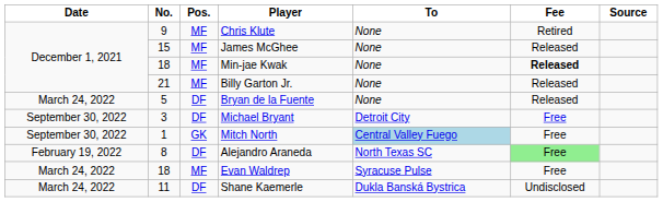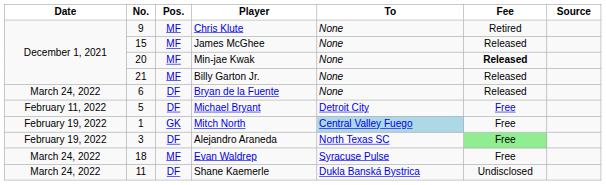 <table class="wikitable plainrowheaders sortable" sortable" style="text-align:center;width:75%;">
 <tr>
 <th scope="col" style="background:#FFFFFF; color:#000000; ">Date</th>
 <th scope="col" style="background:#FFFFFF; color:#000000; ">No.</th>
 <th scope="col" style="background:#FFFFFF; color:#000000; ">Pos.</th>
 <th scope="col" style="background:#FFFFFF; color:#000000; ">Player</th>
 <th scope="col" style="background:#FFFFFF; color:#000000; ">To</th>
 <th scope="col" style="background:#FFFFFF; color:#000000; ">Fee</th>
 <th scope="col" class="unsortable" style="background:#FFFFFF; color:#000000; ">Source</th>
 </tr>
 <tr>
 <td rowspan="4">December 1, 2021</td>
 <td>9</td>
 <td><a href='#'>MF</a></td>
 <td align="left"> <a href='#'>Chris Klute</a></td>
 <td align="left"><em>None</em></td>
 <td>Retired</td>
 <td></td>
 </tr>
 <tr>
 <td>15</td>
 <td><a href='#'>MF</a></td>
 <td align="left"> James McGhee</td>
 <td align="left"><em>None</em></td>
 <td>Released</td>
 <td></td>
 </tr>
 <tr>
-<td>18</td>
+<td>20</td>
 <td><a href='#'>MF</a></td>
 <td align="left"> Min-jae Kwak</td>
 <td align="left"><em>None</em></td>
 <td><strong>Released</strong></td>
 <td></td>
 </tr>
 <tr>
 <td>21</td>
 <td><a href='#'>MF</a></td>
 <td align="left"> Billy Garton Jr.</td>
 <td align="left"><em>None</em></td>
 <td>Released</td>
 <td></td>
 </tr>
 <tr>
 <td>March 24, 2022</td>
-<td>5</td>
+<td>6</td>
 <td><a href='#'>DF</a></td>
 <td align="left"> <a href='#'>Bryan de la Fuente</a></td>
 <td align="left"><em>None</em></td>
 <td>Released</td>
 <td></td>
 </tr>
 <tr>
-<td>September 30, 2022</td>
-<td>3</td>
+<td>February 11, 2022</td>
+<td>5</td>
 <td><a href='#'>DF</a></td>
 <td align="left"> <a href='#'>Michael Bryant</a></td>
 <td align="left"> <a href='#'>Detroit City</a></td>
 <td><a href='#'>Free</a></td>
 <td></td>
 </tr>
 <tr>
-<td>September 30, 2022</td>
+<td>February 19, 2022</td>
 <td>1</td>
 <td><a href='#'>GK</a></td>
 <td align="left"> <a href='#'>Mitch North</a></td>
 <td align="left" style="background: lightblue;"> <a href='#'>Central Valley Fuego</a></td>
 <td>Free</td>
 <td></td>
 </tr>
 <tr>
 <td>February 19, 2022</td>
-<td>8</td>
+<td>3</td>
 <td><a href='#'>DF</a></td>
 <td align="left"> Alejandro Araneda</td>
 <td align="left"> <a href='#'>North Texas SC</a></td>
 <td style="background: lightgreen;">Free</td>
 <td></td>
 </tr>
 <tr>
 <td>March 24, 2022</td>
 <td>18</td>
 <td><a href='#'>MF</a></td>
 <td align="left"> <a href='#'>Evan Waldrep</a></td>
 <td align="left"> <a href='#'>Syracuse Pulse</a></td>
 <td>Free</td>
 <td></td>
 </tr>
 <tr>
 <td>March 24, 2022</td>
 <td>11</td>
 <td><a href='#'>DF</a></td>
 <td align="left"> Shane Kaemerle</td>
 <td align="left"> <a href='#'>Dukla Banská Bystrica</a></td>
 <td>Undisclosed</td>
 <td></td>
 </tr>
 </table>
